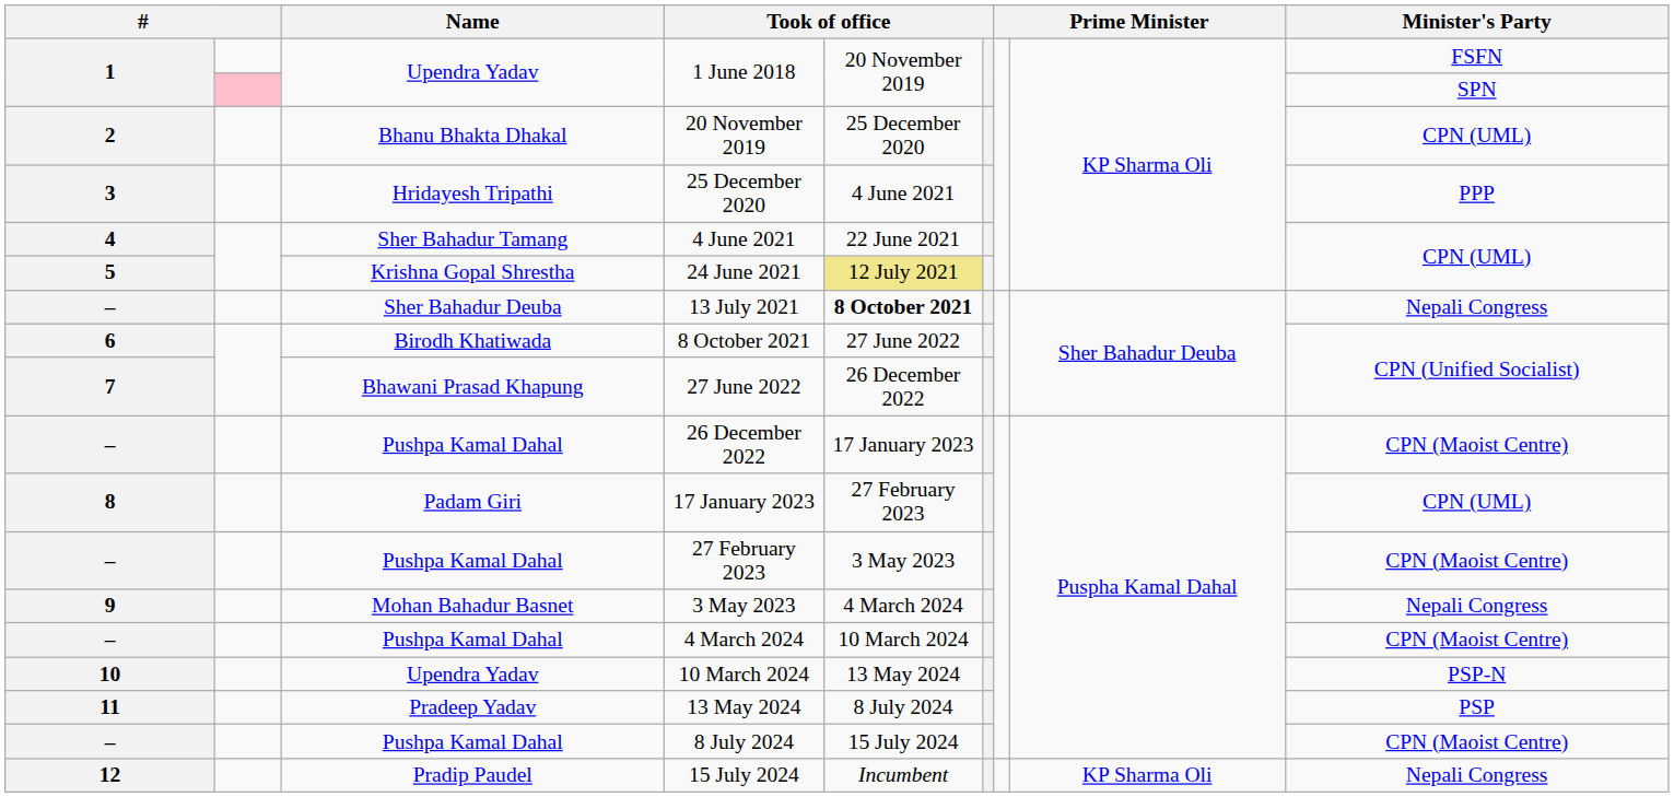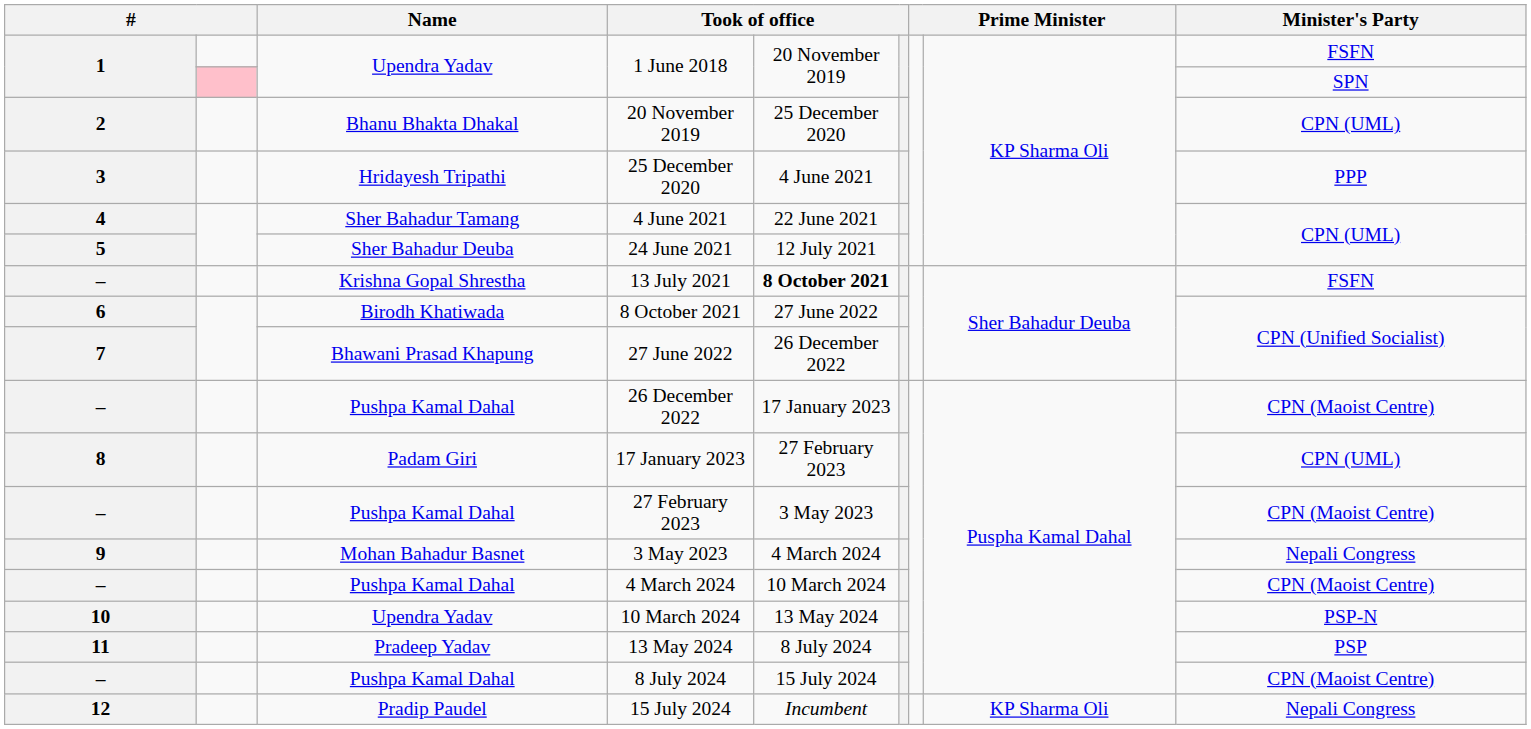 <table class="wikitable"  style="text-align:center">
 <tr>
 <th width=280px colspan="2">#</th>
 <th width=280px>Name</th>
 <th width=280px colspan="3">Took of office</th>
 <th width=280px colspan="2">Prime Minister</th>
 <th width=280px>Minister's Party</th>
 </tr>
 <tr>
 <th rowspan="2">1</th>
 <td style="background-color: "></td>
 <td rowspan="2"><a href='#'>Upendra Yadav</a><br></td>
 <td rowspan="2">1 June 2018</td>
 <td rowspan="2">20 November 2019</td>
 <th rowspan="2"></th>
 <td rowspan="6" style="background-color: "></td>
 <td rowspan="6"><a href='#'>KP Sharma Oli</a></td>
 <td><a href='#'>FSFN</a></td>
 </tr>
 <tr>
 <td style="background-color: #FFC0CB"></td>
 <td><a href='#'>SPN</a></td>
 </tr>
 <tr>
 <th>2</th>
 <td style="background-color: "></td>
 <td><a href='#'>Bhanu Bhakta Dhakal</a><br></td>
 <td>20 November 2019</td>
 <td>25 December 2020</td>
 <th></th>
 <td><a href='#'>CPN (UML)</a></td>
 </tr>
 <tr>
 <th>3</th>
 <td style="background-color: "></td>
 <td><a href='#'>Hridayesh Tripathi</a><br></td>
 <td>25 December 2020</td>
 <td>4 June 2021</td>
 <th></th>
 <td><a href='#'>PPP</a></td>
 </tr>
 <tr>
 <th>4</th>
 <td rowspan="2" style="background-color: "></td>
 <td><a href='#'>Sher Bahadur Tamang</a><br></td>
 <td>4 June 2021</td>
 <td>22 June 2021</td>
 <th></th>
 <td rowspan="2"><a href='#'>CPN (UML)</a></td>
 </tr>
 <tr>
 <th>5</th>
-<td><a href='#'>Krishna Gopal Shrestha</a><br></td>
+<td><a href='#'>Sher Bahadur Deuba</a><br></td>
 <td>24 June 2021</td>
-<td style="background: khaki;">12 July 2021</td>
+<td>12 July 2021</td>
 <th></th>
 </tr>
 <tr>
 <th>–</th>
 <td style="background-color: "></td>
-<td><a href='#'>Sher Bahadur Deuba</a><br></td>
+<td><a href='#'>Krishna Gopal Shrestha</a><br></td>
 <td>13 July 2021</td>
 <td><strong>8 October 2021</strong></td>
 <th></th>
 <td rowspan="3" style="background-color: "></td>
 <td rowspan="3"><a href='#'>Sher Bahadur Deuba</a></td>
-<td><a href='#'>Nepali Congress</a></td>
+<td><a href='#'>FSFN</a></td>
 </tr>
 <tr>
 <th>6</th>
 <td rowspan="2" style="background-color: "></td>
 <td><a href='#'>Birodh Khatiwada</a><br></td>
 <td>8 October 2021</td>
 <td>27 June 2022</td>
 <th></th>
 <td rowspan="2"><a href='#'>CPN (Unified Socialist)</a></td>
 </tr>
 <tr>
 <th>7</th>
 <td><a href='#'>Bhawani Prasad Khapung</a><br></td>
 <td>27 June 2022</td>
 <td>26 December 2022</td>
 <th></th>
 </tr>
 <tr>
 <th>–</th>
 <td style="background-color: "></td>
 <td><a href='#'>Pushpa Kamal Dahal</a><br></td>
 <td>26 December 2022</td>
 <td>17 January 2023</td>
 <th></th>
 <td rowspan="8" style="background-color: "></td>
 <td rowspan="8"><a href='#'>Puspha Kamal Dahal</a></td>
 <td><a href='#'>CPN (Maoist Centre)</a></td>
 </tr>
 <tr>
 <th>8</th>
 <td style="background-color: "></td>
 <td><a href='#'>Padam Giri</a><br></td>
 <td>17 January 2023</td>
 <td>27 February 2023</td>
 <th></th>
 <td><a href='#'>CPN (UML)</a></td>
 </tr>
 <tr>
 <th>–</th>
 <td style="background-color: "></td>
 <td><a href='#'>Pushpa Kamal Dahal</a><br></td>
 <td>27 February 2023</td>
 <td>3 May 2023</td>
 <th></th>
 <td><a href='#'>CPN (Maoist Centre)</a></td>
 </tr>
 <tr>
 <th>9</th>
 <td style="background-color: "></td>
 <td><a href='#'>Mohan Bahadur Basnet</a><br></td>
 <td>3 May 2023</td>
 <td>4 March 2024</td>
 <th></th>
 <td><a href='#'>Nepali Congress</a></td>
 </tr>
 <tr>
 <th>–</th>
 <td style="background-color: "></td>
 <td><a href='#'>Pushpa Kamal Dahal</a><br></td>
 <td>4 March 2024</td>
 <td>10 March 2024</td>
 <th></th>
 <td><a href='#'>CPN (Maoist Centre)</a></td>
 </tr>
 <tr>
 <th>10</th>
 <td style="background-color: "></td>
 <td><a href='#'>Upendra Yadav</a><br></td>
 <td>10 March 2024</td>
 <td>13 May 2024</td>
 <th></th>
 <td><a href='#'>PSP-N</a></td>
 </tr>
 <tr>
 <th>11</th>
 <td style="background-color: "></td>
 <td><a href='#'>Pradeep Yadav</a><br></td>
 <td>13 May 2024</td>
 <td>8 July 2024</td>
 <th></th>
 <td><a href='#'>PSP</a></td>
 </tr>
 <tr>
 <th>–</th>
 <td style="background-color: "></td>
 <td><a href='#'>Pushpa Kamal Dahal</a><br></td>
 <td>8 July 2024</td>
 <td>15 July 2024</td>
 <th></th>
 <td><a href='#'>CPN (Maoist Centre)</a></td>
 </tr>
 <tr>
 <th>12</th>
 <td style="background-color: "></td>
 <td><a href='#'>Pradip Paudel</a><br> </td>
 <td>15 July 2024</td>
 <td><em>Incumbent</em></td>
 <th></th>
 <td rowspan="1" style="background-color: "></td>
 <td rowspan="1"><a href='#'>KP Sharma Oli</a></td>
 <td><a href='#'>Nepali Congress</a></td>
 </tr>
 </table>
